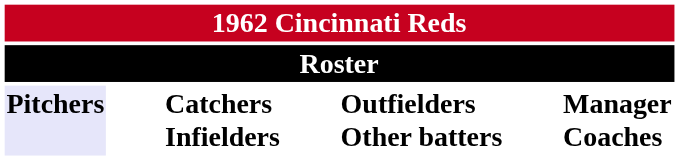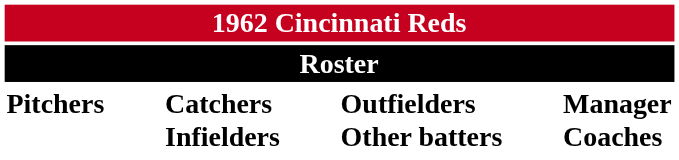 <table class="toccolours" style="font-size: 95%;">
 <tr>
 <th colspan="10" style="background-color: #c6011f; color: white; text-align: center;">1962 Cincinnati Reds</th>
 </tr>
 <tr>
 <td colspan="10" style="background-color: black; color: white; text-align: center;"><strong>Roster</strong></td>
 </tr>
 <tr>
-<td valign="top" style="background: lavender;"><strong>Pitchers</strong><br>               </td>
+<td valign="top"><strong>Pitchers</strong><br>               </td>
 <td width="25px"></td>
 <td valign="top"><strong>Catchers</strong><br>   <strong>Infielders</strong>           </td>
 <td width="25px"></td>
 <td valign="top"><strong>Outfielders</strong><br>      <strong>Other batters</strong> </td>
 <td width="25px"></td>
 <td valign="top"><strong>Manager</strong><br> <strong>Coaches</strong>     </td>
 </tr>
 </table>
